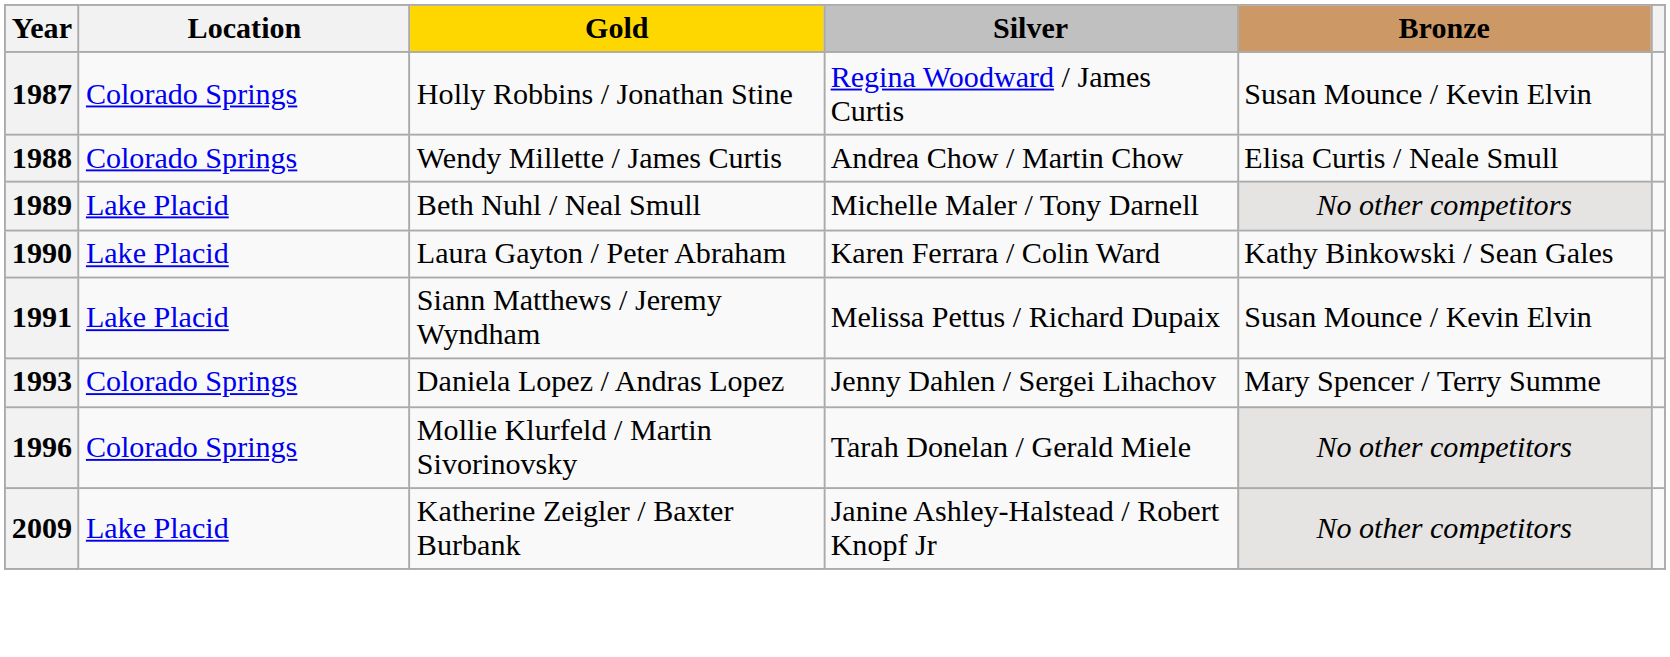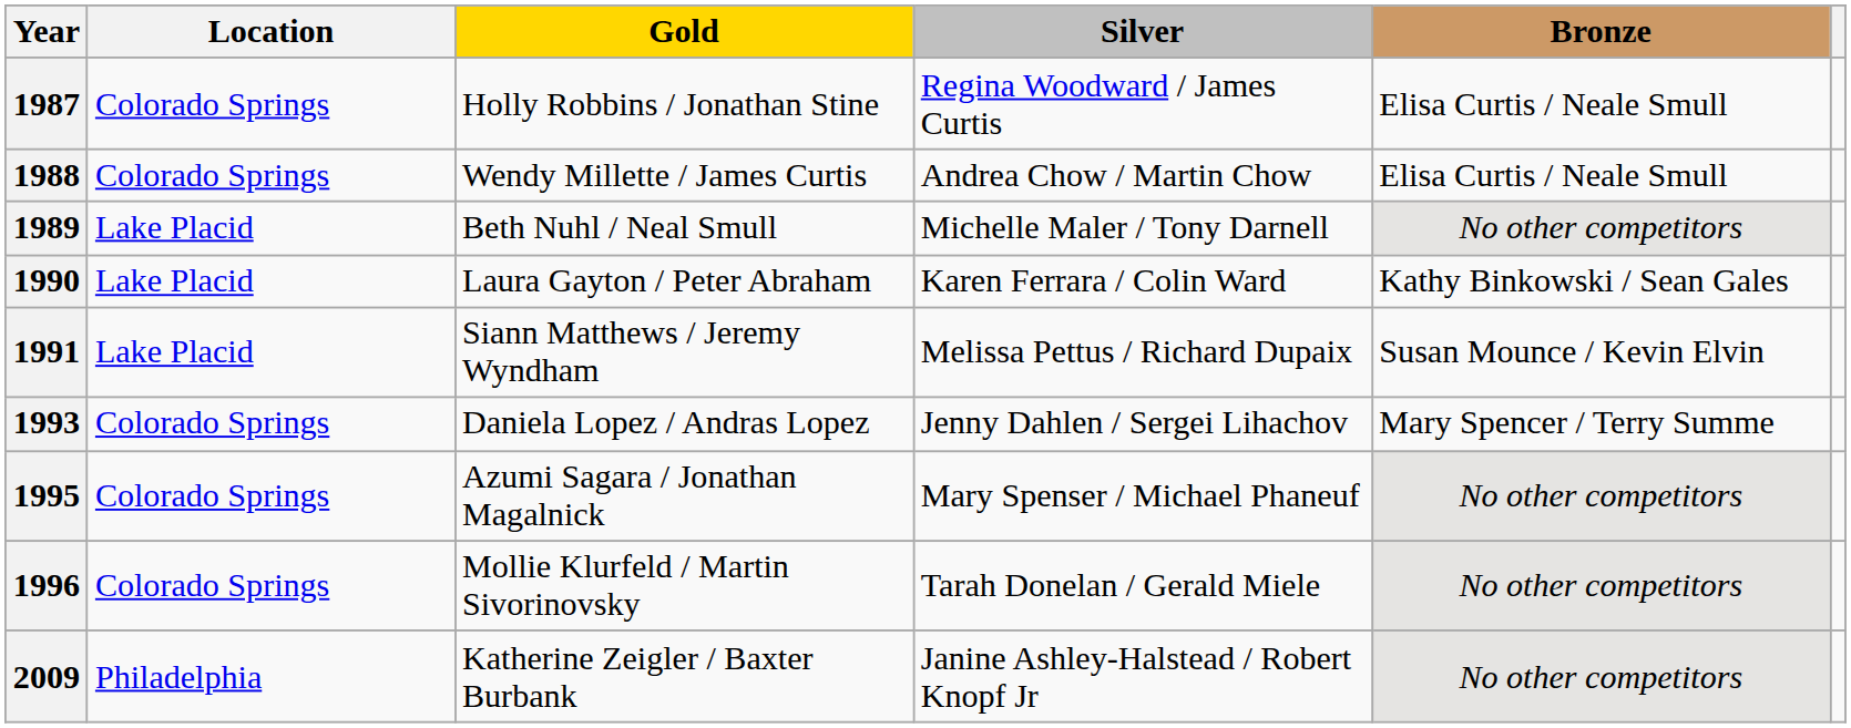 <table class="wikitable unsortable" style="text-align:left; width:100%;">
 <tr>
 <th scope="col" style="text-align:center;">Year</th>
 <th scope="col" style="text-align:center; width:20%">Location</th>
 <td scope="col" style="text-align:center; width:25%; background:gold"><strong>Gold</strong></td>
 <td scope="col" style="text-align:center; width:25%; background:silver"><strong>Silver</strong></td>
 <td scope="col" style="text-align:center; width:25%; background:#c96"><strong>Bronze</strong></td>
 <th scope="col" style="text-align:center"></th>
 </tr>
 <tr>
 <th scope="row">1987</th>
 <td><a href='#'>Colorado Springs</a></td>
 <td>Holly Robbins / Jonathan Stine</td>
 <td><a href='#'>Regina Woodward</a> / James Curtis</td>
-<td>Susan Mounce / Kevin Elvin</td>
+<td>Elisa Curtis / Neale Smull</td>
 <td></td>
 </tr>
 <tr>
 <th scope="row">1988</th>
 <td><a href='#'>Colorado Springs</a></td>
 <td>Wendy Millette / James Curtis</td>
 <td>Andrea Chow / Martin Chow</td>
 <td>Elisa Curtis / Neale Smull</td>
 <td></td>
 </tr>
 <tr>
 <th scope="row">1989</th>
 <td><a href='#'>Lake Placid</a></td>
 <td>Beth Nuhl / Neal Smull</td>
 <td>Michelle Maler / Tony Darnell</td>
 <td align="center" bgcolor="e5e4e2"><em>No other competitors</em></td>
 <td></td>
 </tr>
 <tr>
 <th scope="row">1990</th>
 <td><a href='#'>Lake Placid</a></td>
 <td>Laura Gayton / Peter Abraham</td>
 <td>Karen Ferrara / Colin Ward</td>
 <td>Kathy Binkowski / Sean Gales</td>
 <td></td>
 </tr>
 <tr>
 <th scope="row">1991</th>
 <td><a href='#'>Lake Placid</a></td>
 <td>Siann Matthews / Jeremy Wyndham</td>
 <td>Melissa Pettus / Richard Dupaix</td>
 <td>Susan Mounce / Kevin Elvin</td>
 <td></td>
 </tr>
 <tr>
 <th scope="row">1993</th>
 <td><a href='#'>Colorado Springs</a></td>
 <td>Daniela Lopez / Andras Lopez</td>
 <td>Jenny Dahlen / Sergei Lihachov</td>
 <td>Mary Spencer / Terry Summe</td>
 <td></td>
 </tr>
 <tr>
+<th scope="row">1995</th>
+<td><a href='#'>Colorado Springs</a></td>
+<td>Azumi Sagara / Jonathan Magalnick</td>
+<td>Mary Spenser / Michael Phaneuf</td>
+<td align="center" bgcolor="e5e4e2"><em>No other competitors</em></td>
+<td></td>
+</tr>
+<tr>
 <th scope="row">1996</th>
 <td><a href='#'>Colorado Springs</a></td>
 <td>Mollie Klurfeld / Martin Sivorinovsky</td>
 <td>Tarah Donelan / Gerald Miele</td>
 <td align="center" bgcolor="e5e4e2"><em>No other competitors</em></td>
 <td></td>
 </tr>
 <tr>
 <th scope="row">2009</th>
-<td><a href='#'>Lake Placid</a></td>
+<td><a href='#'>Philadelphia</a></td>
 <td>Katherine Zeigler / Baxter Burbank</td>
 <td>Janine Ashley-Halstead / Robert Knopf Jr</td>
 <td align="center" bgcolor="e5e4e2"><em>No other competitors</em></td>
 <td></td>
 </tr>
 </table>
